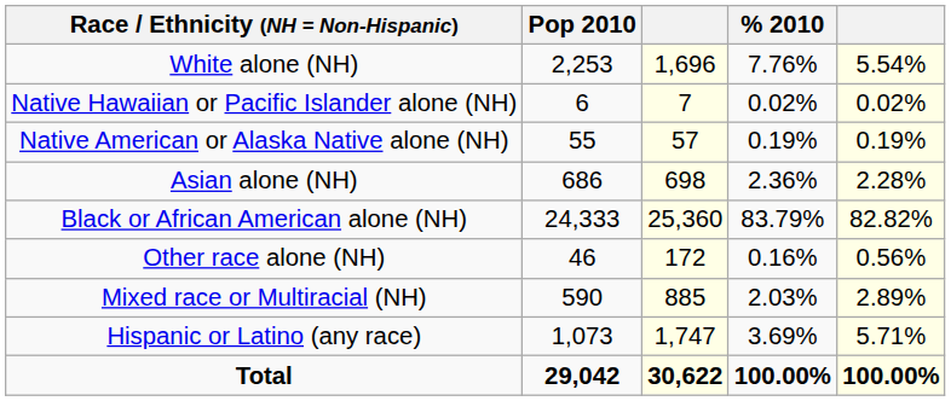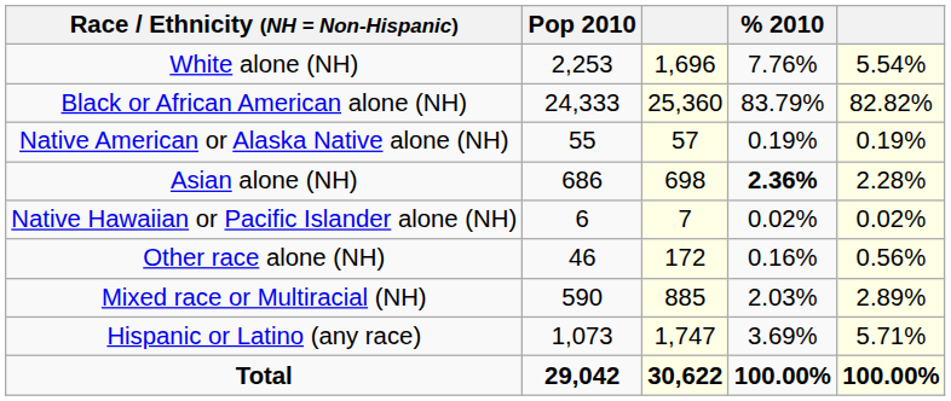 <table class="wikitable" style="text-align:center;">
 <tr>
 <th>Race / Ethnicity <small>(<em>NH = Non-Hispanic</em>)</small></th>
 <th>Pop 2010</th>
 <th></th>
 <th>% 2010</th>
 <th></th>
 </tr>
 <tr>
 <td><a href='#'>White</a> alone (NH)</td>
 <td>2,253</td>
 <td style='background: #ffffe6;'>1,696</td>
 <td>7.76%</td>
 <td style='background: #ffffe6;'>5.54%</td>
 </tr>
 <tr>
-<td><a href='#'>Native Hawaiian</a> or <a href='#'>Pacific Islander</a> alone (NH)</td>
-<td>6</td>
-<td style='background: #ffffe6;'>7</td>
-<td>0.02%</td>
-<td style='background: #ffffe6;'>0.02%</td>
+<td><a href='#'>Black or African American</a> alone (NH)</td>
+<td>24,333</td>
+<td style='background: #ffffe6;'>25,360</td>
+<td>83.79%</td>
+<td style='background: #ffffe6;'>82.82%</td>
 </tr>
 <tr>
 <td><a href='#'>Native American</a> or <a href='#'>Alaska Native</a> alone (NH)</td>
 <td>55</td>
 <td style='background: #ffffe6;'>57</td>
 <td>0.19%</td>
 <td style='background: #ffffe6;'>0.19%</td>
 </tr>
 <tr>
 <td><a href='#'>Asian</a> alone (NH)</td>
 <td>686</td>
 <td style='background: #ffffe6;'>698</td>
-<td>2.36%</td>
+<td><strong>2.36%</strong></td>
 <td style='background: #ffffe6;'>2.28%</td>
 </tr>
 <tr>
-<td><a href='#'>Black or African American</a> alone (NH)</td>
-<td>24,333</td>
-<td style='background: #ffffe6;'>25,360</td>
-<td>83.79%</td>
-<td style='background: #ffffe6;'>82.82%</td>
+<td><a href='#'>Native Hawaiian</a> or <a href='#'>Pacific Islander</a> alone (NH)</td>
+<td>6</td>
+<td style='background: #ffffe6;'>7</td>
+<td>0.02%</td>
+<td style='background: #ffffe6;'>0.02%</td>
 </tr>
 <tr>
 <td><a href='#'>Other race</a> alone (NH)</td>
 <td>46</td>
 <td style='background: #ffffe6;'>172</td>
 <td>0.16%</td>
 <td style='background: #ffffe6;'>0.56%</td>
 </tr>
 <tr>
 <td><a href='#'>Mixed race or Multiracial</a> (NH)</td>
 <td>590</td>
 <td style='background: #ffffe6;'>885</td>
 <td>2.03%</td>
 <td style='background: #ffffe6;'>2.89%</td>
 </tr>
 <tr>
 <td><a href='#'>Hispanic or Latino</a> (any race)</td>
 <td>1,073</td>
 <td style='background: #ffffe6;'>1,747</td>
 <td>3.69%</td>
 <td style='background: #ffffe6;'>5.71%</td>
 </tr>
 <tr>
 <td><strong>Total</strong></td>
 <td><strong>29,042</strong></td>
 <td style='background: #ffffe6;'><strong>30,622</strong></td>
 <td><strong>100.00%</strong></td>
 <td style='background: #ffffe6;'><strong>100.00%</strong></td>
 </tr>
 </table>
